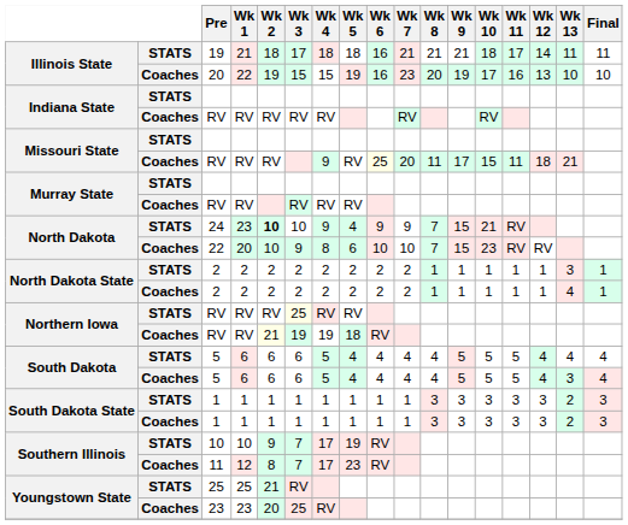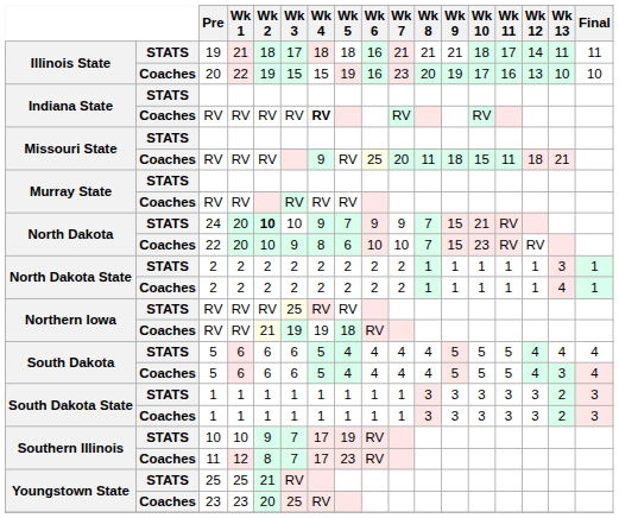 <table class="wikitable" style="white-space:nowrap;font-size:85%;">
 <tr>
 <th colspan=2 style="background:white; border-top-style:hidden; border-left-style:hidden;"> </th>
 <th>Pre</th>
 <th>Wk<br>1</th>
 <th>Wk<br>2</th>
 <th>Wk<br>3</th>
 <th>Wk<br>4</th>
 <th>Wk<br>5</th>
 <th>Wk<br>6</th>
 <th>Wk<br>7</th>
 <th>Wk<br>8</th>
 <th>Wk<br>9</th>
 <th>Wk<br>10</th>
 <th>Wk<br>11</th>
 <th>Wk<br>12</th>
 <th>Wk<br>13</th>
 <th>Final</th>
 </tr>
 <tr style="text-align:center;">
 <th rowspan="2">Illinois State</th>
 <th>STATS</th>
 <td style="background:#FFF;">19</td>
 <td style="background:#ffe6e6;">21</td>
 <td style="background:#d8ffeb;">18</td>
 <td style="background:#d8ffeb;">17</td>
 <td style="background:#ffe6e6;">18</td>
 <td style="background:#FFF;">18</td>
 <td style="background:#d8ffeb;">16</td>
 <td style="background:#ffe6e6;">21</td>
 <td style="background:#FFF;">21</td>
 <td style="background:#FFF;">21</td>
 <td style="background:#d8ffeb;">18</td>
 <td style="background:#d8ffeb;">17</td>
 <td style="background:#d8ffeb;">14</td>
 <td style="background:#d8ffeb;">11</td>
 <td style="background:#FFF;">11</td>
 </tr>
 <tr style="text-align:center;">
 <th>Coaches</th>
 <td style="background:#FFF;">20</td>
 <td style="background:#ffe6e6;">22</td>
 <td style="background:#d8ffeb;">19</td>
 <td style="background:#d8ffeb;">15</td>
 <td style="background:#FFF;">15</td>
 <td style="background:#ffe6e6;">19</td>
 <td style="background:#d8ffeb;">16</td>
 <td style="background:#ffe6e6;">23</td>
 <td style="background:#d8ffeb;">20</td>
 <td style="background:#d8ffeb;">19</td>
 <td style="background:#d8ffeb;">17</td>
 <td style="background:#d8ffeb;">16</td>
 <td style="background:#d8ffeb;">13</td>
 <td style="background:#d8ffeb;">10</td>
 <td style="background:#FFF;">10</td>
 </tr>
 <tr style="text-align:center;">
 <th rowspan="2">Indiana State</th>
 <th>STATS</th>
 <td style="background:#FFF;"></td>
 <td style="background:#FFF;"></td>
 <td style="background:#FFF;"></td>
 <td style="background:#FFF;"></td>
 <td style="background:#FFF;"></td>
 <td style="background:#FFF;"></td>
 <td style="background:#FFF;"></td>
 <td style="background:#FFF;"></td>
 <td style="background:#FFF;"></td>
 <td style="background:#FFF;"></td>
 <td style="background:#FFF;"></td>
 <td style="background:#FFF;"></td>
 <td style="background:#FFF;"></td>
 <td style="background:#FFF;"></td>
 <td style="background:#FFF;"></td>
 </tr>
 <tr style="text-align:center;">
 <th>Coaches</th>
 <td style="background:#FFF;">RV</td>
 <td style="background:#FFF;">RV</td>
 <td style="background:#FFF;">RV</td>
 <td style="background:#FFF;">RV</td>
-<td style="background:#FFF;">RV</td>
+<td style="background:#FFF;"><strong>RV</strong></td>
 <td style="background:#ffe6e6;"></td>
 <td style="background:#FFF;"></td>
 <td style="background:#d8ffeb;">RV</td>
 <td style="background:#ffe6e6;"></td>
 <td style="background:#FFF;"></td>
 <td style="background:#d8ffeb;">RV</td>
 <td style="background:#ffe6e6;"></td>
 <td style="background:#FFF;"></td>
 <td style="background:#FFF;"></td>
 <td style="background:#FFF;"></td>
 </tr>
 <tr style="text-align:center;">
 <th rowspan="2">Missouri State</th>
 <th>STATS</th>
 <td style="background:#FFF;"></td>
 <td style="background:#FFF;"></td>
 <td style="background:#FFF;"></td>
 <td style="background:#FFF;"></td>
 <td style="background:#FFF;"></td>
 <td style="background:#FFF;"></td>
 <td style="background:#FFF;"></td>
 <td style="background:#FFF;"></td>
 <td style="background:#FFF;"></td>
 <td style="background:#FFF;"></td>
 <td style="background:#FFF;"></td>
 <td style="background:#FFF;"></td>
 <td style="background:#FFF;"></td>
 <td style="background:#FFF;"></td>
 <td style="background:#FFF;"></td>
 </tr>
 <tr style="text-align:center;">
 <th>Coaches</th>
 <td style="background:#FFF;">RV</td>
 <td style="background:#FFF;">RV</td>
 <td style="background:#FFF;">RV</td>
 <td style="background:#ffe6e6;"></td>
 <td style="background:#d8ffeb;">9</td>
 <td style="background:#FFF;">RV</td>
 <td style="background:#ffffe6;">25</td>
 <td style="background:#d8ffeb;">20</td>
 <td style="background:#d8ffeb;">11</td>
-<td style="background:#d8ffeb;">17</td>
+<td style="background:#d8ffeb;">18</td>
 <td style="background:#d8ffeb;">15</td>
 <td style="background:#d8ffeb;">11</td>
 <td style="background:#ffe6e6;">18</td>
 <td style="background:#ffe6e6;">21</td>
 <td style="background:#FFF;"></td>
 </tr>
 <tr style="text-align:center;">
 <th rowspan="2">Murray State</th>
 <th>STATS</th>
 <td style="background:#FFF;"></td>
 <td style="background:#FFF;"></td>
 <td style="background:#FFF;"></td>
 <td style="background:#FFF;"></td>
 <td style="background:#FFF;"></td>
 <td style="background:#FFF;"></td>
 <td style="background:#FFF;"></td>
 <td style="background:#FFF;"></td>
 <td style="background:#FFF;"></td>
 <td style="background:#FFF;"></td>
 <td style="background:#FFF;"></td>
 <td style="background:#FFF;"></td>
 <td style="background:#FFF;"></td>
 <td style="background:#FFF;"></td>
 <td style="background:#FFF;"></td>
 </tr>
 <tr style="text-align:center;">
 <th>Coaches</th>
 <td style="background:#FFF;">RV</td>
 <td style="background:#FFF;">RV</td>
 <td style="background:#ffe6e6;"></td>
 <td style="background:#d8ffeb;">RV</td>
 <td style="background:#FFF;">RV</td>
 <td style="background:#FFF;">RV</td>
 <td style="background:#ffe6e6;"></td>
 <td style="background:#FFF;"></td>
 <td style="background:#FFF;"></td>
 <td style="background:#FFF;"></td>
 <td style="background:#FFF;"></td>
 <td style="background:#FFF;"></td>
 <td style="background:#FFF;"></td>
 <td style="background:#FFF;"></td>
 <td style="background:#FFF;"></td>
 </tr>
 <tr style="text-align:center;">
 <th rowspan="2">North Dakota</th>
 <th>STATS</th>
 <td style="background:#FFF;">24</td>
-<td style="background:#d8ffeb;">23</td>
+<td style="background:#d8ffeb;">20</td>
 <td style="background:#d8ffeb;"><strong>10</strong></td>
 <td style="background:#FFF;">10</td>
 <td style="background:#d8ffeb;">9</td>
-<td style="background:#d8ffeb;">4</td>
+<td style="background:#d8ffeb;">7</td>
 <td style="background:#ffe6e6;">9</td>
 <td style="background:#FFF;">9</td>
 <td style="background:#d8ffeb;">7</td>
 <td style="background:#ffe6e6;">15</td>
 <td style="background:#ffe6e6;">21</td>
 <td style="background:#ffe6e6;">RV</td>
 <td style="background:#ffe6e6;"></td>
 <td style="background:#FFF;"></td>
 <td style="background:#FFF;"></td>
 </tr>
 <tr style="text-align:center;">
 <th>Coaches</th>
 <td style="background:#FFF;">22</td>
 <td style="background:#d8ffeb;">20</td>
 <td style="background:#d8ffeb;">10</td>
 <td style="background:#d8ffeb;">9</td>
 <td style="background:#d8ffeb;">8</td>
 <td style="background:#d8ffeb;">6</td>
 <td style="background:#ffe6e6;">10</td>
 <td style="background:#FFF;">10</td>
 <td style="background:#d8ffeb;">7</td>
 <td style="background:#ffe6e6;">15</td>
 <td style="background:#ffe6e6;">23</td>
 <td style="background:#ffe6e6;">RV</td>
 <td style="background:#FFF;">RV</td>
 <td style="background:#ffe6e6;"></td>
 <td style="background:#FFF;"></td>
 </tr>
 <tr style="text-align:center;">
 <th rowspan="2">North Dakota State</th>
 <th>STATS</th>
 <td style="background:#FFF;">2</td>
 <td style="background:#FFF;">2</td>
 <td style="background:#FFF;">2</td>
 <td style="background:#FFF;">2</td>
 <td style="background:#FFF;">2</td>
 <td style="background:#FFF;">2</td>
 <td style="background:#FFF;">2</td>
 <td style="background:#FFF;">2</td>
 <td style="background:#d8ffeb;">1</td>
 <td style="background:#FFF;">1</td>
 <td style="background:#FFF;">1</td>
 <td style="background:#FFF;">1</td>
 <td style="background:#FFF;">1</td>
 <td style="background:#ffe6e6;">3</td>
 <td style="background:#d8ffeb;">1</td>
 </tr>
 <tr style="text-align:center;">
 <th>Coaches</th>
 <td style="background:#FFF;">2</td>
 <td style="background:#FFF;">2</td>
 <td style="background:#FFF;">2</td>
 <td style="background:#FFF;">2</td>
 <td style="background:#FFF;">2</td>
 <td style="background:#FFF;">2</td>
 <td style="background:#FFF;">2</td>
 <td style="background:#FFF;">2</td>
 <td style="background:#d8ffeb;">1</td>
 <td style="background:#FFF;">1</td>
 <td style="background:#FFF;">1</td>
 <td style="background:#FFF;">1</td>
 <td style="background:#FFF;">1</td>
 <td style="background:#ffe6e6;">4</td>
 <td style="background:#d8ffeb;">1</td>
 </tr>
 <tr style="text-align:center;">
 <th rowspan="2">Northern Iowa</th>
 <th>STATS</th>
 <td style="background:#FFF;">RV</td>
 <td style="background:#FFF;">RV</td>
 <td style="background:#FFF;">RV</td>
 <td style="background:#ffffe6;">25</td>
 <td style="background:#ffe6e6;">RV</td>
 <td style="background:#FFF;">RV</td>
 <td style="background:#ffe6e6;"></td>
 <td style="background:#FFF;"></td>
 <td style="background:#FFF;"></td>
 <td style="background:#FFF;"></td>
 <td style="background:#FFF;"></td>
 <td style="background:#FFF;"></td>
 <td style="background:#FFF;"></td>
 <td style="background:#FFF;"></td>
 <td style="background:#FFF;"></td>
 </tr>
 <tr style="text-align:center;">
 <th>Coaches</th>
 <td style="background:#FFF;">RV</td>
 <td style="background:#FFF;">RV</td>
 <td style="background:#ffffe6;">21</td>
 <td style="background:#d8ffeb;">19</td>
 <td style="background:#FFF;">19</td>
 <td style="background:#d8ffeb;">18</td>
 <td style="background:#ffe6e6;">RV</td>
 <td style="background:#ffe6e6;"></td>
 <td style="background:#FFF;"></td>
 <td style="background:#FFF;"></td>
 <td style="background:#FFF;"></td>
 <td style="background:#FFF;"></td>
 <td style="background:#FFF;"></td>
 <td style="background:#FFF;"></td>
 <td style="background:#FFF;"></td>
 </tr>
 <tr style="text-align:center;">
 <th rowspan="2">South Dakota</th>
 <th>STATS</th>
 <td style="background:#FFF;">5</td>
 <td style="background:#ffe6e6;">6</td>
 <td style="background:#FFF;">6</td>
 <td style="background:#FFF;">6</td>
 <td style="background:#d8ffeb;">5</td>
 <td style="background:#d8ffeb;">4</td>
 <td style="background:#FFF;">4</td>
 <td style="background:#FFF;">4</td>
 <td style="background:#FFF;">4</td>
 <td style="background:#ffe6e6;">5</td>
 <td style="background:#FFF;">5</td>
 <td style="background:#FFF;">5</td>
 <td style="background:#d8ffeb;">4</td>
 <td style="background:#FFF;">4</td>
 <td style="background:#FFF;">4</td>
 </tr>
 <tr style="text-align:center;">
 <th>Coaches</th>
 <td style="background:#FFF;">5</td>
 <td style="background:#ffe6e6;">6</td>
 <td style="background:#FFF;">6</td>
 <td style="background:#FFF;">6</td>
 <td style="background:#d8ffeb;">5</td>
 <td style="background:#d8ffeb;">4</td>
 <td style="background:#FFF;">4</td>
 <td style="background:#FFF;">4</td>
 <td style="background:#FFF;">4</td>
 <td style="background:#ffe6e6;">5</td>
 <td style="background:#FFF;">5</td>
 <td style="background:#FFF;">5</td>
 <td style="background:#d8ffeb;">4</td>
 <td style="background:#d8ffeb;">3</td>
 <td style="background:#ffe6e6;">4</td>
 </tr>
 <tr style="text-align:center;">
 <th rowspan="2">South Dakota State</th>
 <th>STATS</th>
 <td style="background:#FFF;">1</td>
 <td style="background:#FFF;">1</td>
 <td style="background:#FFF;">1</td>
 <td style="background:#FFF;">1</td>
 <td style="background:#FFF;">1</td>
 <td style="background:#FFF;">1</td>
 <td style="background:#FFF;">1</td>
 <td style="background:#FFF;">1</td>
 <td style="background:#ffe6e6;">3</td>
 <td style="background:#FFF;">3</td>
 <td style="background:#FFF;">3</td>
 <td style="background:#FFF;">3</td>
 <td style="background:#FFF;">3</td>
 <td style="background:#d8ffeb;">2</td>
 <td style="background:#ffe6e6;">3</td>
 </tr>
 <tr style="text-align:center;">
 <th>Coaches</th>
 <td style="background:#FFF;">1</td>
 <td style="background:#FFF;">1</td>
 <td style="background:#FFF;">1</td>
 <td style="background:#FFF;">1</td>
 <td style="background:#FFF;">1</td>
 <td style="background:#FFF;">1</td>
 <td style="background:#FFF;">1</td>
 <td style="background:#FFF;">1</td>
 <td style="background:#ffe6e6;">3</td>
 <td style="background:#FFF;">3</td>
 <td style="background:#FFF;">3</td>
 <td style="background:#FFF;">3</td>
 <td style="background:#FFF;">3</td>
 <td style="background:#d8ffeb;">2</td>
 <td style="background:#ffe6e6;">3</td>
 </tr>
 <tr style="text-align:center;">
 <th rowspan="2">Southern Illinois</th>
 <th>STATS</th>
 <td style="background:#FFF;">10</td>
 <td style="background:#FFF;">10</td>
 <td style="background:#d8ffeb;">9</td>
 <td style="background:#d8ffeb;">7</td>
 <td style="background:#ffe6e6;">17</td>
 <td style="background:#ffe6e6;">19</td>
 <td style="background:#ffe6e6;">RV</td>
 <td style="background:#ffe6e6;"></td>
 <td style="background:#FFF;"></td>
 <td style="background:#FFF;"></td>
 <td style="background:#FFF;"></td>
 <td style="background:#FFF;"></td>
 <td style="background:#FFF;"></td>
 <td style="background:#FFF;"></td>
 <td style="background:#FFF;"></td>
 </tr>
 <tr style="text-align:center;">
 <th>Coaches</th>
 <td style="background:#FFF;">11</td>
 <td style="background:#ffe6e6;">12</td>
 <td style="background:#d8ffeb;">8</td>
 <td style="background:#d8ffeb;">7</td>
 <td style="background:#ffe6e6;">17</td>
 <td style="background:#ffe6e6;">23</td>
 <td style="background:#ffe6e6;">RV</td>
 <td style="background:#ffe6e6;"></td>
 <td style="background:#FFF;"></td>
 <td style="background:#FFF;"></td>
 <td style="background:#FFF;"></td>
 <td style="background:#FFF;"></td>
 <td style="background:#FFF;"></td>
 <td style="background:#FFF;"></td>
 <td style="background:#FFF;"></td>
 </tr>
 <tr style="text-align:center;">
 <th rowspan="2">Youngstown State</th>
 <th>STATS</th>
 <td style="background:#FFF;">25</td>
 <td style="background:#FFF;">25</td>
 <td style="background:#d8ffeb;">21</td>
 <td style="background:#ffe6e6;">RV</td>
 <td style="background:#ffe6e6;"></td>
 <td style="background:#FFF;"></td>
 <td style="background:#FFF;"></td>
 <td style="background:#FFF;"></td>
 <td style="background:#FFF;"></td>
 <td style="background:#FFF;"></td>
 <td style="background:#FFF;"></td>
 <td style="background:#FFF;"></td>
 <td style="background:#FFF;"></td>
 <td style="background:#FFF;"></td>
 <td style="background:#FFF;"></td>
 </tr>
 <tr style="text-align:center;">
 <th>Coaches</th>
 <td style="background:#FFF;">23</td>
 <td style="background:#FFF;">23</td>
 <td style="background:#d8ffeb;">20</td>
 <td style="background:#ffe6e6;">25</td>
 <td style="background:#ffe6e6;">RV</td>
 <td style="background:#ffe6e6;"></td>
 <td style="background:#FFF;"></td>
 <td style="background:#FFF;"></td>
 <td style="background:#FFF;"></td>
 <td style="background:#FFF;"></td>
 <td style="background:#FFF;"></td>
 <td style="background:#FFF;"></td>
 <td style="background:#FFF;"></td>
 <td style="background:#FFF;"></td>
 <td style="background:#FFF;"></td>
 </tr>
 <tr style="text-align:center;">
 </tr>
 </table>
